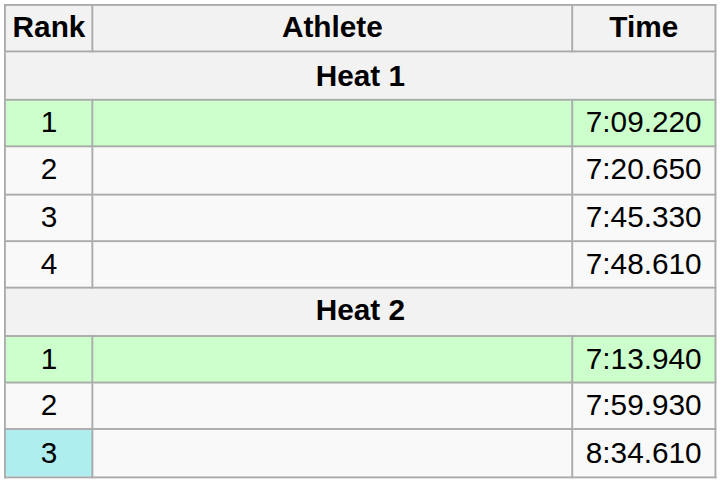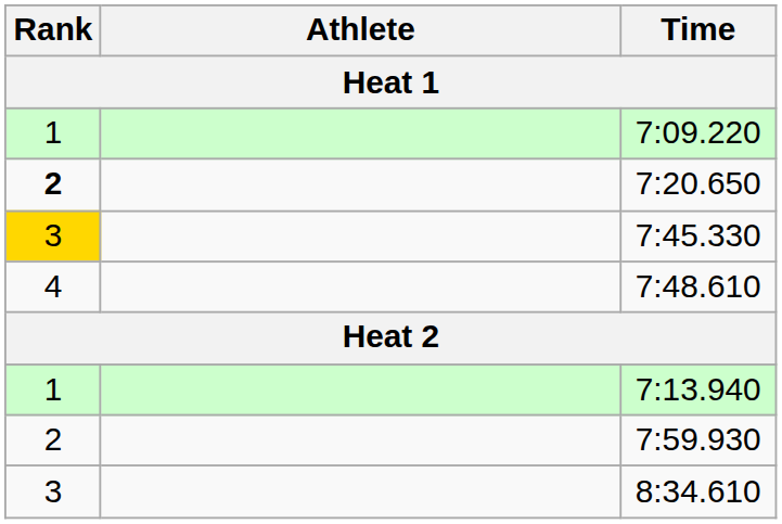 <table class=wikitable style="text-align:center">
 <tr>
 <th width=40>Rank</th>
 <th width=250>Athlete</th>
 <th width=70>Time</th>
 </tr>
 <tr>
 <th colspan=3>Heat 1</th>
 </tr>
 <tr bgcolor="ccffcc">
 <td>1</td>
 <td style="text-align:left"></td>
 <td>7:09.220</td>
 </tr>
 <tr>
-<td>2</td>
+<td><strong>2</strong></td>
 <td style="text-align:left"></td>
 <td>7:20.650</td>
 </tr>
 <tr>
-<td>3</td>
+<td style="background: gold;">3</td>
 <td style="text-align:left"></td>
 <td>7:45.330</td>
 </tr>
 <tr>
 <td>4</td>
 <td style="text-align:left"></td>
 <td>7:48.610</td>
 </tr>
 <tr>
 <th colspan=3>Heat 2</th>
 </tr>
 <tr bgcolor="ccffcc">
 <td>1</td>
 <td style="text-align:left"></td>
 <td>7:13.940</td>
 </tr>
 <tr>
 <td>2</td>
 <td style="text-align:left"></td>
 <td>7:59.930</td>
 </tr>
 <tr>
-<td style="background: paleturquoise;">3</td>
+<td>3</td>
 <td style="text-align:left"></td>
 <td>8:34.610</td>
 </tr>
 </table>
